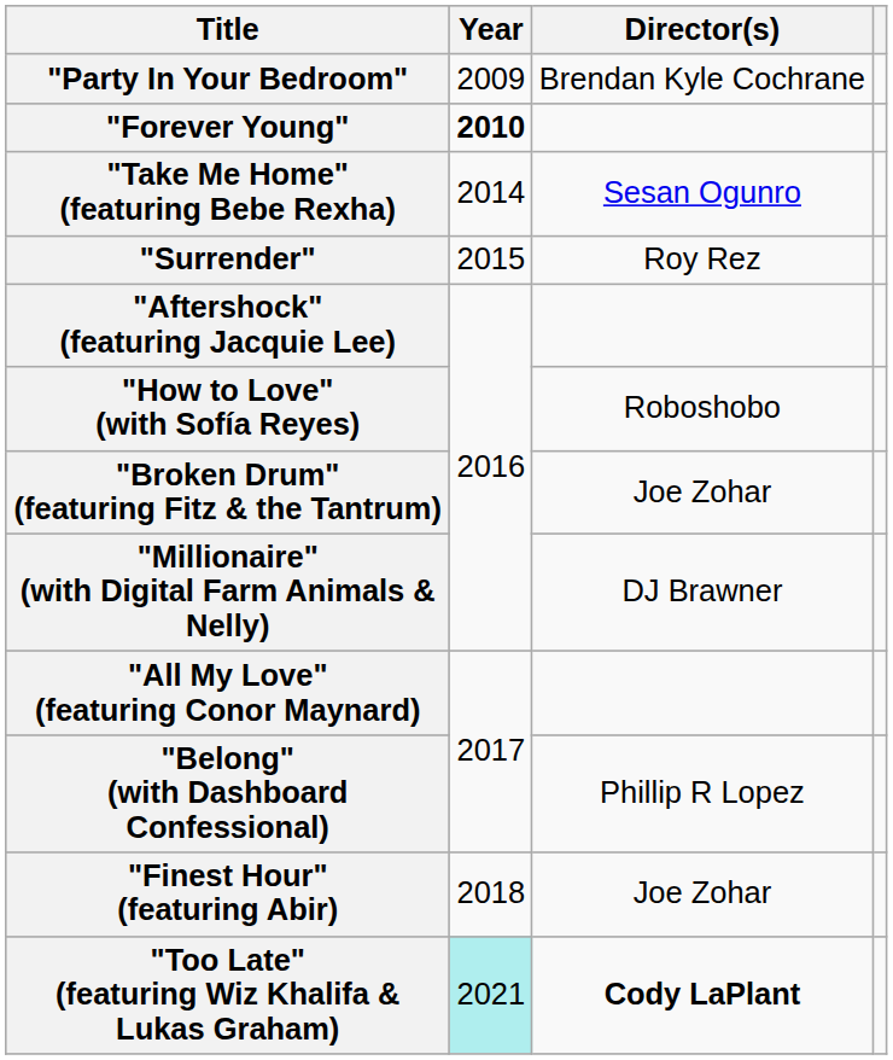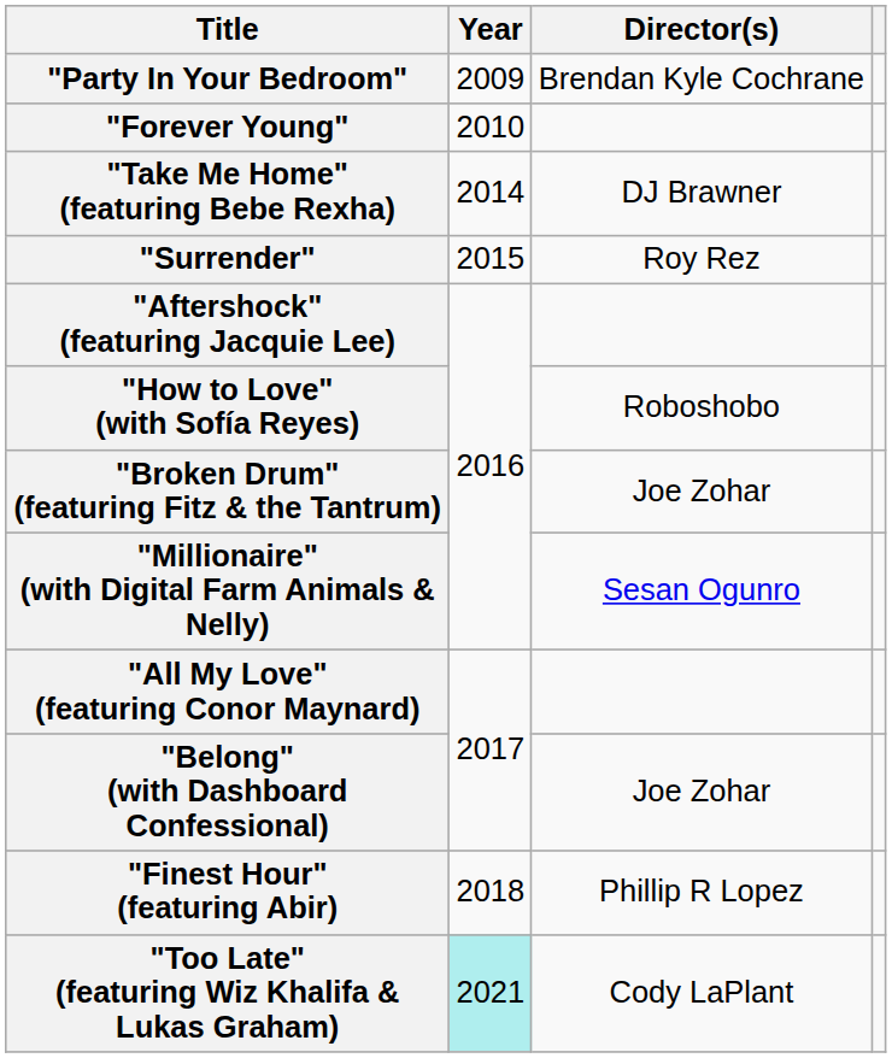 <table class="wikitable plainrowheaders" style="text-align:center;">
 <tr>
 <th scope="col" style="width:14em;">Title</th>
 <th scope="col">Year</th>
 <th scope="col">Director(s)</th>
 <th scope="col"></th>
 </tr>
 <tr>
 <th scope="row">"Party In Your Bedroom"</th>
 <td>2009</td>
 <td>Brendan Kyle Cochrane</td>
 <td></td>
 </tr>
 <tr>
 <th scope="row">"Forever Young"</th>
-<td><strong>2010</strong></td>
+<td>2010</td>
 <td></td>
 <td></td>
 </tr>
 <tr>
 <th scope="row">"Take Me Home"<br><span>(featuring Bebe Rexha)</span></th>
 <td>2014</td>
-<td><a href='#'>Sesan Ogunro</a></td>
+<td>DJ Brawner</td>
 <td></td>
 </tr>
 <tr>
 <th scope="row">"Surrender"</th>
 <td>2015</td>
 <td>Roy Rez</td>
 <td></td>
 </tr>
 <tr>
 <th scope="row">"Aftershock"<br><span>(featuring Jacquie Lee)</span></th>
 <td rowspan="4">2016</td>
 <td></td>
 <td></td>
 </tr>
 <tr>
 <th scope="row">"How to Love"<br><span>(with Sofía Reyes)</span></th>
 <td>Roboshobo</td>
 <td></td>
 </tr>
 <tr>
 <th scope="row">"Broken Drum"<br><span>(featuring Fitz & the Tantrum)</span></th>
 <td>Joe Zohar</td>
 <td></td>
 </tr>
 <tr>
 <th scope="row">"Millionaire"<br><span>(with Digital Farm Animals & Nelly)</span></th>
-<td>DJ Brawner</td>
+<td><a href='#'>Sesan Ogunro</a></td>
 <td></td>
 </tr>
 <tr>
 <th scope="row">"All My Love"<br><span>(featuring Conor Maynard)</span></th>
 <td rowspan="2">2017</td>
 <td></td>
 <td></td>
 </tr>
 <tr>
 <th scope="row">"Belong"<br><span>(with Dashboard Confessional)</span></th>
-<td>Phillip R Lopez</td>
+<td>Joe Zohar</td>
 <td></td>
 </tr>
 <tr>
 <th scope="row">"Finest Hour"<br><span>(featuring Abir)</span></th>
 <td>2018</td>
-<td>Joe Zohar</td>
+<td>Phillip R Lopez</td>
 <td></td>
 </tr>
 <tr>
 <th scope="row">"Too Late"<br><span>(featuring Wiz Khalifa & Lukas Graham)</span></th>
 <td style="background: paleturquoise;">2021</td>
-<td><strong>Cody LaPlant</strong></td>
+<td>Cody LaPlant</td>
 <td></td>
 </tr>
 </table>
